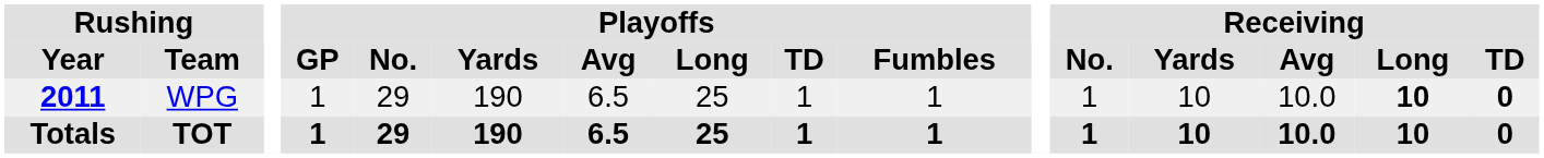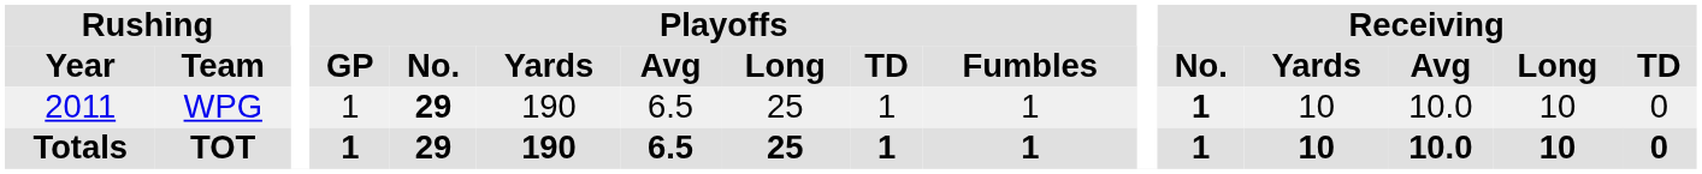 <table BORDER="0" CELLPADDING="1" CELLSPACING="0" width="65%" style="text-align:center">
 <tr bgcolor="#e0e0e0">
 <th colspan="2">Rushing</th>
 <th rowspan="99" bgcolor="#ffffff"> </th>
 <th colspan="7">Playoffs</th>
 <th rowspan="99" bgcolor="#ffffff"> </th>
 <th colspan="6">Receiving</th>
 </tr>
 <tr bgcolor="#e0e0e0">
 <th>Year</th>
 <th>Team</th>
 <th>GP</th>
 <th>No.</th>
 <th>Yards</th>
 <th>Avg</th>
 <th>Long</th>
 <th>TD</th>
 <th>Fumbles</th>
 <th>No.</th>
 <th>Yards</th>
 <th>Avg</th>
 <th>Long</th>
 <th>TD</th>
 </tr>
 <tr ALIGN="center" bgcolor="#f0f0f0">
-<td><strong><a href='#'>2011</a></strong></td>
+<td><a href='#'>2011</a></td>
 <td><a href='#'>WPG</a></td>
 <td>1</td>
-<td>29</td>
+<td><strong>29</strong></td>
 <td>190</td>
 <td>6.5</td>
 <td>25</td>
 <td>1</td>
 <td>1</td>
-<td>1</td>
+<td><strong>1</strong></td>
 <td>10</td>
 <td>10.0</td>
-<td><strong>10</strong></td>
-<td><strong>0</strong></td>
+<td>10</td>
+<td>0</td>
 </tr>
 <tr>
 </tr>
 <tr bgcolor="#e0e0e0">
 <th>Totals</th>
 <th>TOT</th>
 <th>1</th>
 <th>29</th>
 <th>190</th>
 <th>6.5</th>
 <th>25</th>
 <th>1</th>
 <th>1</th>
 <th>1</th>
 <th>10</th>
 <th>10.0</th>
 <th>10</th>
 <th>0</th>
 </tr>
 </table>
